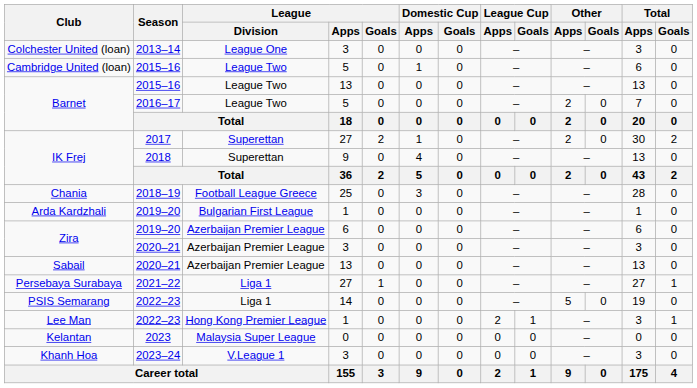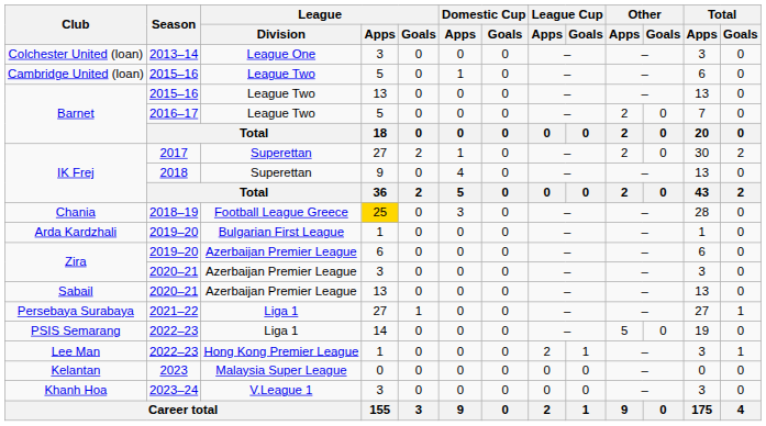 <table class="wikitable" style="text-align: center;">
 <tr>
 <th rowspan="2">Club</th>
 <th rowspan="2">Season</th>
 <th colspan="3">League</th>
 <th colspan="2">Domestic Cup</th>
 <th colspan="2">League Cup</th>
 <th colspan="2">Other</th>
 <th colspan="2">Total</th>
 </tr>
 <tr>
 <th>Division</th>
 <th>Apps</th>
 <th>Goals</th>
 <th>Apps</th>
 <th>Goals</th>
 <th>Apps</th>
 <th>Goals</th>
 <th>Apps</th>
 <th>Goals</th>
 <th>Apps</th>
 <th>Goals</th>
 </tr>
 <tr>
 <td><a href='#'>Colchester United</a> (loan)</td>
 <td><a href='#'>2013–14</a></td>
 <td><a href='#'>League One</a></td>
 <td>3</td>
 <td>0</td>
 <td>0</td>
 <td>0</td>
 <td colspan="2">–</td>
 <td colspan="2">–</td>
 <td>3</td>
 <td>0</td>
 </tr>
 <tr>
 <td><a href='#'>Cambridge United</a> (loan)</td>
 <td><a href='#'>2015–16</a></td>
 <td><a href='#'>League Two</a></td>
 <td>5</td>
 <td>0</td>
 <td>1</td>
 <td>0</td>
 <td colspan="2">–</td>
 <td colspan="2">–</td>
 <td>6</td>
 <td>0</td>
 </tr>
 <tr>
 <td rowspan="3"><a href='#'>Barnet</a></td>
 <td><a href='#'>2015–16</a></td>
 <td>League Two</td>
 <td>13</td>
 <td>0</td>
 <td>0</td>
 <td>0</td>
 <td colspan="2">–</td>
 <td colspan="2">–</td>
 <td>13</td>
 <td>0</td>
 </tr>
 <tr>
 <td><a href='#'>2016–17</a></td>
 <td>League Two</td>
 <td>5</td>
 <td>0</td>
 <td>0</td>
 <td>0</td>
 <td colspan="2">–</td>
 <td>2</td>
 <td>0</td>
 <td>7</td>
 <td>0</td>
 </tr>
 <tr>
 <th colspan="2">Total</th>
 <th>18</th>
 <th>0</th>
 <th>0</th>
 <th>0</th>
 <th>0</th>
 <th>0</th>
 <th>2</th>
 <th>0</th>
 <th>20</th>
 <th>0</th>
 </tr>
 <tr>
 <td rowspan=3><a href='#'>IK Frej</a></td>
 <td><a href='#'>2017</a></td>
 <td><a href='#'>Superettan</a></td>
 <td>27</td>
 <td>2</td>
 <td>1</td>
 <td>0</td>
 <td colspan="2">–</td>
 <td>2</td>
 <td>0</td>
 <td>30</td>
 <td>2</td>
 </tr>
 <tr>
 <td><a href='#'>2018</a></td>
 <td>Superettan</td>
 <td>9</td>
 <td>0</td>
 <td>4</td>
 <td>0</td>
 <td colspan=2>–</td>
 <td colspan="2">–</td>
 <td>13</td>
 <td>0</td>
 </tr>
 <tr>
 <th colspan=2>Total</th>
 <th>36</th>
 <th>2</th>
 <th>5</th>
 <th>0</th>
 <th>0</th>
 <th>0</th>
 <th>2</th>
 <th>0</th>
 <th>43</th>
 <th>2</th>
 </tr>
 <tr>
 <td rowspan=1><a href='#'>Chania</a></td>
 <td><a href='#'>2018–19</a></td>
 <td><a href='#'>Football League Greece</a></td>
-<td>25</td>
+<td style="background: gold;">25</td>
 <td>0</td>
 <td>3</td>
 <td>0</td>
 <td colspan="2">–</td>
 <td colspan="2">–</td>
 <td>28</td>
 <td>0</td>
 </tr>
 <tr>
 <td rowspan=1><a href='#'>Arda Kardzhali</a></td>
 <td><a href='#'>2019–20</a></td>
 <td><a href='#'>Bulgarian First League</a></td>
 <td>1</td>
 <td>0</td>
 <td>0</td>
 <td>0</td>
 <td colspan="2">–</td>
 <td colspan="2">–</td>
 <td>1</td>
 <td>0</td>
 </tr>
 <tr>
 <td rowspan=2><a href='#'>Zira</a></td>
 <td><a href='#'>2019–20</a></td>
 <td><a href='#'>Azerbaijan Premier League</a></td>
 <td>6</td>
 <td>0</td>
 <td>0</td>
 <td>0</td>
 <td colspan="2">–</td>
 <td colspan="2">–</td>
 <td>6</td>
 <td>0</td>
 </tr>
 <tr>
 <td><a href='#'>2020–21</a></td>
 <td>Azerbaijan Premier League</td>
 <td>3</td>
 <td>0</td>
 <td>0</td>
 <td>0</td>
 <td colspan="2">–</td>
 <td colspan="2">–</td>
 <td>3</td>
 <td>0</td>
 </tr>
 <tr>
 <td rowspan=1><a href='#'>Sabail</a></td>
 <td><a href='#'>2020–21</a></td>
 <td>Azerbaijan Premier League</td>
 <td>13</td>
 <td>0</td>
 <td>0</td>
 <td>0</td>
 <td colspan="2">–</td>
 <td colspan="2">–</td>
 <td>13</td>
 <td>0</td>
 </tr>
 <tr>
 <td rowspan=1><a href='#'>Persebaya Surabaya</a></td>
 <td><a href='#'>2021–22</a></td>
 <td><a href='#'>Liga 1</a></td>
 <td>27</td>
 <td>1</td>
 <td>0</td>
 <td>0</td>
 <td colspan="2">–</td>
 <td colspan="2">–</td>
 <td>27</td>
 <td>1</td>
 </tr>
 <tr>
 <td><a href='#'>PSIS Semarang</a></td>
 <td><a href='#'>2022–23</a></td>
 <td>Liga 1</td>
 <td>14</td>
 <td>0</td>
 <td>0</td>
 <td>0</td>
 <td colspan="2">–</td>
 <td>5</td>
 <td>0</td>
 <td>19</td>
 <td>0</td>
 </tr>
 <tr>
 <td><a href='#'>Lee Man</a></td>
 <td><a href='#'>2022–23</a></td>
 <td><a href='#'>Hong Kong Premier League</a></td>
 <td>1</td>
 <td>0</td>
 <td>0</td>
 <td>0</td>
 <td>2</td>
 <td>1</td>
 <td colspan="2">–</td>
 <td>3</td>
 <td>1</td>
 </tr>
 <tr>
 <td><a href='#'>Kelantan</a></td>
 <td><a href='#'>2023</a></td>
 <td><a href='#'>Malaysia Super League</a></td>
 <td>0</td>
 <td>0</td>
 <td>0</td>
 <td>0</td>
 <td>0</td>
 <td>0</td>
 <td colspan="2">–</td>
 <td>0</td>
 <td>0</td>
 </tr>
 <tr>
 <td><a href='#'>Khanh Hoa</a></td>
 <td><a href='#'>2023–24</a></td>
 <td><a href='#'>V.League 1</a></td>
 <td>3</td>
 <td>0</td>
 <td>0</td>
 <td>0</td>
 <td>0</td>
 <td>0</td>
 <td colspan="2">–</td>
 <td>3</td>
 <td>0</td>
 </tr>
 <tr>
 <th colspan="3">Career total</th>
 <th>155</th>
 <th>3</th>
 <th>9</th>
 <th>0</th>
 <th>2</th>
 <th>1</th>
 <th>9</th>
 <th>0</th>
 <th>175</th>
 <th>4</th>
 </tr>
 </table>
